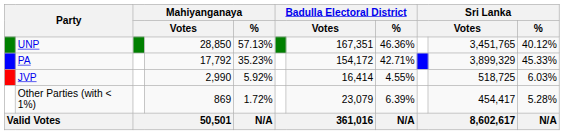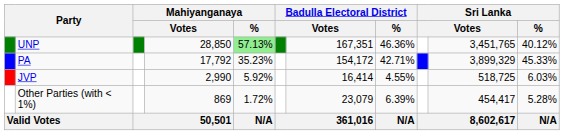 <table class="wikitable">
 <tr>
 <th colspan="2" width="144px"rowspan="2">Party</th>
 <th colspan="3" width="216px">Mahiyanganaya</th>
 <th colspan="3" width="216px"><a href='#'>Badulla Electoral District</a></th>
 <th colspan="3" width="216px">Sri Lanka</th>
 </tr>
 <tr>
 <th colspan="2" width="144px">Votes</th>
 <th>%</th>
 <th colspan="2" width="144px">Votes</th>
 <th>%</th>
 <th colspan="2" width="144px">Votes</th>
 <th>%</th>
 </tr>
 <tr>
 <td style="background-color:green;" width="10px"></td>
 <td style="text-align:left;"><a href='#'>UNP</a></td>
 <td style="background-color:green;" width="10px"></td>
 <td style="text-align:right;">28,850</td>
-<td style="text-align:right;">57.13%</td>
+<td style="background: lightgreen; text-align:right;">57.13%</td>
 <td style="background-color:green;" width="10px"></td>
 <td style="text-align:right;">167,351</td>
 <td style="text-align:right;">46.36%</td>
 <td style="background-color:white;" width="10px"></td>
 <td style="text-align:right;">3,451,765</td>
 <td style="text-align:right;">40.12%</td>
 </tr>
 <tr>
 <td style="background-color:blue;" width="10px"></td>
 <td style="text-align:left;"><a href='#'>PA</a></td>
 <td style="background-color:white;" width="10px"></td>
 <td style="text-align:right;">17,792</td>
 <td style="text-align:right;">35.23%</td>
 <td style="background-color:white;" width="10px"></td>
 <td style="text-align:right;">154,172</td>
 <td style="text-align:right;">42.71%</td>
 <td style="background-color:blue;" width="10px"></td>
 <td style="text-align:right;">3,899,329</td>
 <td style="text-align:right;">45.33%</td>
 </tr>
 <tr>
 <td style="background-color:red;" width="10px"></td>
 <td style="text-align:left;"><a href='#'>JVP</a></td>
 <td style="background-color:white;" width="10px"></td>
 <td style="text-align:right;">2,990</td>
 <td style="text-align:right;">5.92%</td>
 <td style="background-color:white;" width="10px"></td>
 <td style="text-align:right;">16,414</td>
 <td style="text-align:right;">4.55%</td>
 <td style="background-color:white;" width="10px"></td>
 <td style="text-align:right;">518,725</td>
 <td style="text-align:right;">6.03%</td>
 </tr>
 <tr>
 <td style="background-color:white;" width="10px"></td>
 <td style="text-align:left;">Other Parties (with < 1%)</td>
 <td style="background-color:white;" width="10px"></td>
 <td style="text-align:right;">869</td>
 <td style="text-align:right;">1.72%</td>
 <td style="background-color:white;" width="10px"></td>
 <td style="text-align:right;">23,079</td>
 <td style="text-align:right;">6.39%</td>
 <td style="background-color:white;" width="10px"></td>
 <td style="text-align:right;">454,417</td>
 <td style="text-align:right;">5.28%</td>
 </tr>
 <tr>
 <th colspan="2" width="144px"style="text-align:left;">Valid Votes</th>
 <th style="text-align:right;"colspan="2" width="144px">50,501</th>
 <th style="text-align:right;">N/A</th>
 <th style="text-align:right;"colspan="2" width="144px">361,016</th>
 <th style="text-align:right;">N/A</th>
 <th style="text-align:right;"colspan="2" width="144px">8,602,617</th>
 <th style="text-align:right;">N/A</th>
 </tr>
 </table>
